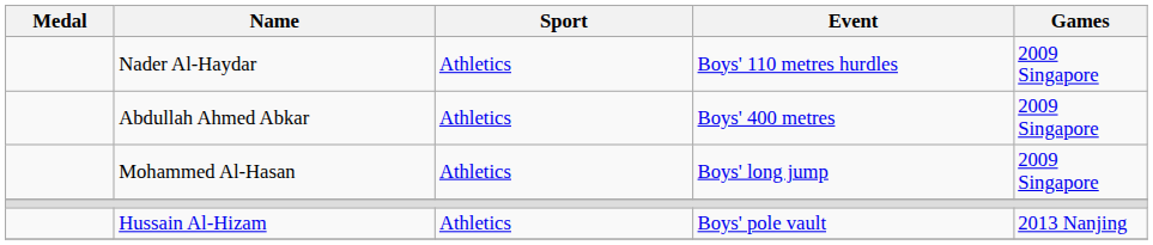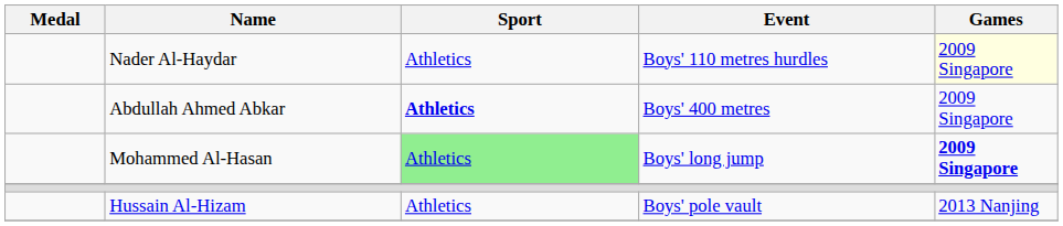 <table class="wikitable sortable" style="font-size:100%">
 <tr>
 <th width="80">Medal</th>
 <th width="250">Name</th>
 <th width="200">Sport</th>
 <th width="250">Event</th>
 <th width="100">Games</th>
 </tr>
 <tr>
 <td></td>
 <td>Nader Al-Haydar</td>
 <td><a href='#'>Athletics</a></td>
 <td><a href='#'>Boys' 110 metres hurdles</a></td>
-<td><a href='#'>2009 Singapore</a></td>
+<td style="background: lightyellow;"><a href='#'>2009 Singapore</a></td>
 </tr>
 <tr>
 <td></td>
 <td>Abdullah Ahmed Abkar</td>
-<td><a href='#'>Athletics</a></td>
+<td><strong><a href='#'>Athletics</a></strong></td>
 <td><a href='#'>Boys' 400 metres</a></td>
 <td><a href='#'>2009 Singapore</a></td>
 </tr>
 <tr>
 <td></td>
 <td>Mohammed Al-Hasan</td>
-<td><a href='#'>Athletics</a></td>
+<td style="background: lightgreen;"><a href='#'>Athletics</a></td>
 <td><a href='#'>Boys' long jump</a></td>
-<td><a href='#'>2009 Singapore</a></td>
+<td><strong><a href='#'>2009 Singapore</a></strong></td>
 </tr>
 <tr>
 </tr>
 <tr bgcolor=#DDDDDD>
 <td colspan=7></td>
 </tr>
 <tr>
 <td></td>
 <td><a href='#'>Hussain Al-Hizam</a></td>
 <td><a href='#'>Athletics</a></td>
 <td><a href='#'>Boys' pole vault</a></td>
 <td><a href='#'>2013 Nanjing</a></td>
 </tr>
 <tr>
 </tr>
 </table>
